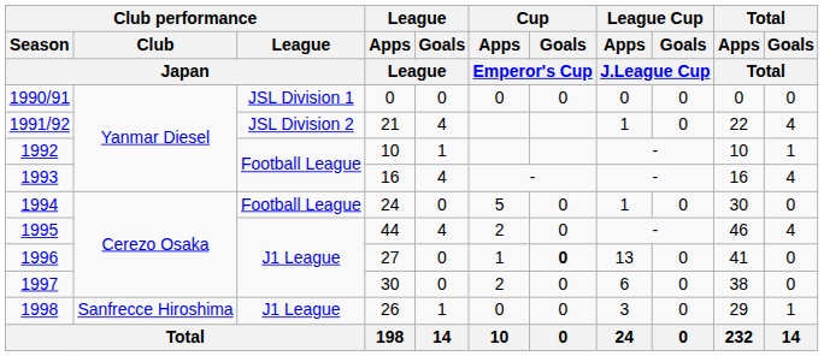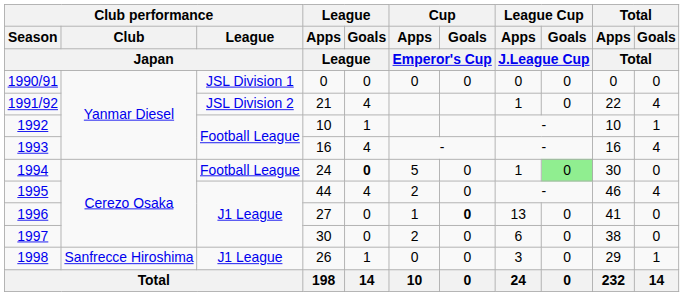 <table class="wikitable" style="text-align:center;">
 <tr>
 <th colspan=3>Club performance</th>
 <th colspan=2>League</th>
 <th colspan=2>Cup</th>
 <th colspan=2>League Cup</th>
 <th colspan=2>Total</th>
 </tr>
 <tr>
 <th>Season</th>
 <th>Club</th>
 <th>League</th>
 <th>Apps</th>
 <th>Goals</th>
 <th>Apps</th>
 <th>Goals</th>
 <th>Apps</th>
 <th>Goals</th>
 <th>Apps</th>
 <th>Goals</th>
 </tr>
 <tr>
 <th colspan=3>Japan</th>
 <th colspan=2>League</th>
 <th colspan=2><a href='#'>Emperor's Cup</a></th>
 <th colspan=2><a href='#'>J.League Cup</a></th>
 <th colspan=2>Total</th>
 </tr>
 <tr>
 <td><a href='#'>1990/91</a></td>
 <td rowspan="4"><a href='#'>Yanmar Diesel</a></td>
 <td><a href='#'>JSL Division 1</a></td>
 <td>0</td>
 <td>0</td>
 <td>0</td>
 <td>0</td>
 <td>0</td>
 <td>0</td>
 <td>0</td>
 <td>0</td>
 </tr>
 <tr>
 <td><a href='#'>1991/92</a></td>
 <td><a href='#'>JSL Division 2</a></td>
 <td>21</td>
 <td>4</td>
 <td></td>
 <td></td>
 <td>1</td>
 <td>0</td>
 <td>22</td>
 <td>4</td>
 </tr>
 <tr>
 <td><a href='#'>1992</a></td>
 <td rowspan="2"><a href='#'>Football League</a></td>
 <td>10</td>
 <td>1</td>
 <td></td>
 <td></td>
 <td colspan="2">-</td>
 <td>10</td>
 <td>1</td>
 </tr>
 <tr>
 <td><a href='#'>1993</a></td>
 <td>16</td>
 <td>4</td>
 <td colspan="2">-</td>
 <td colspan="2">-</td>
 <td>16</td>
 <td>4</td>
 </tr>
 <tr>
 <td><a href='#'>1994</a></td>
 <td rowspan="4"><a href='#'>Cerezo Osaka</a></td>
 <td><a href='#'>Football League</a></td>
 <td>24</td>
-<td>0</td>
+<td><strong>0</strong></td>
 <td>5</td>
 <td>0</td>
 <td>1</td>
-<td>0</td>
+<td style="background: lightgreen;">0</td>
 <td>30</td>
 <td>0</td>
 </tr>
 <tr>
 <td><a href='#'>1995</a></td>
 <td rowspan="3"><a href='#'>J1 League</a></td>
 <td>44</td>
 <td>4</td>
 <td>2</td>
 <td>0</td>
 <td colspan="2">-</td>
 <td>46</td>
 <td>4</td>
 </tr>
 <tr>
 <td><a href='#'>1996</a></td>
 <td>27</td>
 <td>0</td>
 <td>1</td>
 <td><strong>0</strong></td>
 <td>13</td>
 <td>0</td>
 <td>41</td>
 <td>0</td>
 </tr>
 <tr>
 <td><a href='#'>1997</a></td>
 <td>30</td>
 <td>0</td>
 <td>2</td>
 <td>0</td>
 <td>6</td>
 <td>0</td>
 <td>38</td>
 <td>0</td>
 </tr>
 <tr>
 <td><a href='#'>1998</a></td>
 <td><a href='#'>Sanfrecce Hiroshima</a></td>
 <td><a href='#'>J1 League</a></td>
 <td>26</td>
 <td>1</td>
 <td>0</td>
 <td>0</td>
 <td>3</td>
 <td>0</td>
 <td>29</td>
 <td>1</td>
 </tr>
 <tr>
 <th colspan=3>Total</th>
 <th>198</th>
 <th>14</th>
 <th>10</th>
 <th>0</th>
 <th>24</th>
 <th>0</th>
 <th>232</th>
 <th>14</th>
 </tr>
 </table>
